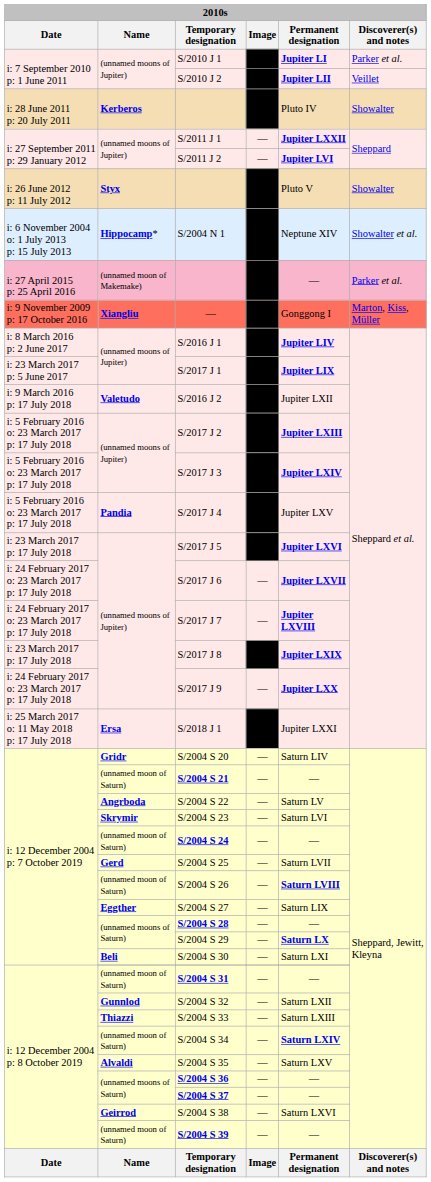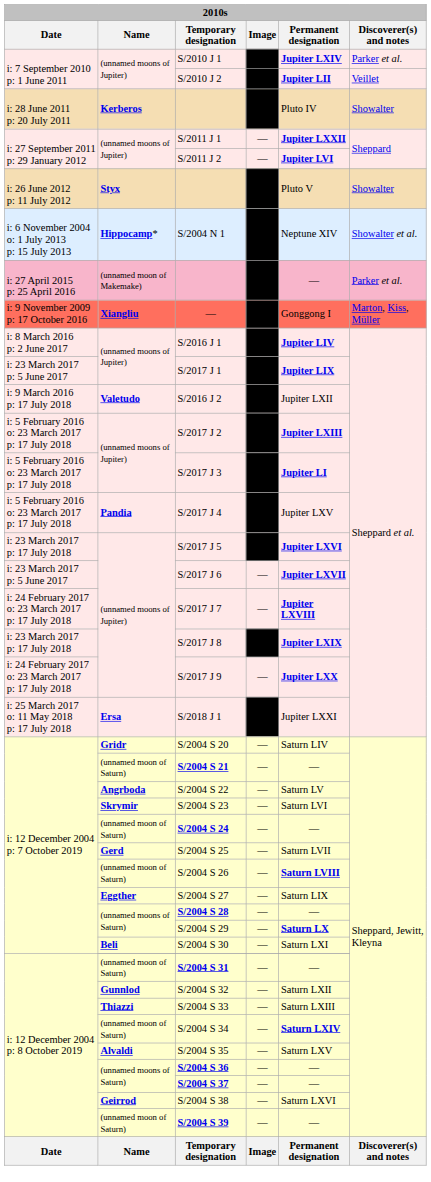 <table class="wikitable" width="650">
 <tr>
 <th colspan="6" style="background-color: Silver; text-align: center;" id="c21st_2010s">2010s</th>
 </tr>
 <tr>
 <th>Date</th>
 <th>Name</th>
 <th>Temporary designation</th>
 <th>Image</th>
 <th>Permanent designation</th>
 <th>Discoverer(s) and notes</th>
 </tr>
 <tr bgcolor="#FFE8E8">
 <td style="white-space: nowrap;" rowspan="2"><br>i: 7 September 2010<br>p: 1 June 2011</td>
 <td rowspan="2"><small>(unnamed moons of Jupiter)</small></td>
 <td>S/2010 J 1</td>
 <td bgcolor="Black"></td>
-<td><strong><a href='#'>Jupiter LI</a></strong></td>
+<td><strong><a href='#'>Jupiter LXIV</a></strong></td>
 <td><a href='#'>Parker</a> <em>et al.</em></td>
 </tr>
 <tr bgcolor="#FFE8E8">
 <td>S/2010 J 2</td>
 <td bgcolor="Black"></td>
 <td><strong><a href='#'>Jupiter LII</a></strong></td>
 <td><a href='#'>Veillet</a></td>
 </tr>
 <tr bgcolor="#F5DEB3">
 <td style="white-space: nowrap;"><br>i: 28 June 2011<br>p: 20 July 2011</td>
 <td><strong><a href='#'>Kerberos</a></strong></td>
 <td></td>
 <td align="center" bgcolor="Black"></td>
 <td align="left">Pluto IV</td>
 <td><a href='#'>Showalter</a></td>
 </tr>
 <tr bgcolor="#FFE8E8">
 <td style="white-space: nowrap;" rowspan="2"><br>i: 27 September 2011<br>p: 29 January 2012</td>
 <td rowspan="2"><small>(unnamed moons of Jupiter)</small></td>
 <td>S/2011 J 1</td>
 <td align="center">—</td>
 <td><strong><a href='#'>Jupiter LXXII</a></strong></td>
 <td rowspan="2"><a href='#'>Sheppard</a></td>
 </tr>
 <tr bgcolor="#FFE8E8">
 <td>S/2011 J 2</td>
 <td align="center">—</td>
 <td><strong><a href='#'>Jupiter LVI</a></strong></td>
 </tr>
 <tr bgcolor="#F5DEB3">
 <td style="white-space: nowrap;"><br>i: 26 June 2012<br>p: 11 July 2012</td>
 <td><strong><a href='#'>Styx</a></strong></td>
 <td></td>
 <td align="center" bgcolor="Black"></td>
 <td align="left">Pluto V</td>
 <td><a href='#'>Showalter</a></td>
 </tr>
 <tr bgcolor="#DDEEFF">
 <td style="white-space: nowrap;"><br>i: 6 November 2004<br>o: 1 July 2013<br>p: 15 July 2013</td>
 <td><strong><a href='#'>Hippocamp</a></strong>*</td>
 <td>S/2004 N 1</td>
 <td align="center" bgcolor="Black"></td>
 <td>Neptune XIV</td>
 <td><a href='#'>Showalter</a> <em>et al.</em></td>
 </tr>
 <tr bgcolor="#F8B5CB">
 <td style="white-space: nowrap;"><br>i: 27 April 2015<br>p: 25 April 2016</td>
 <td><small>(unnamed moon of Makemake)</small></td>
 <td></td>
 <td bgcolor="Black"></td>
 <td align="center">—</td>
 <td><a href='#'>Parker</a> <em>et al.</em></td>
 </tr>
 <tr bgcolor="#FF6F5E">
 <td style="white-space: nowrap:">i: 9 November 2009<br>p: 17 October 2016</td>
 <td><strong><a href='#'>Xiangliu</a></strong></td>
 <td align="center">—</td>
 <td bgcolor="Black"></td>
 <td>Gonggong I</td>
 <td><a href='#'>Marton</a>, <a href='#'>Kiss</a>, <a href='#'>Müller</a></td>
 </tr>
 <tr bgcolor="#FFE8E8">
 <td style="white-space: nowrap">i: 8 March 2016<br>p: 2 June 2017</td>
 <td rowspan="2"><small>(unnamed moons of Jupiter)</small></td>
 <td>S/2016 J 1</td>
 <td bgcolor="Black"></td>
 <td><strong><a href='#'>Jupiter LIV</a></strong></td>
 <td rowspan=12>Sheppard <em>et al.</em></td>
 </tr>
 <tr bgcolor="#FFE8E8">
 <td style="white-space: nowrap">i: 23 March 2017<br>p: 5 June 2017</td>
 <td>S/2017 J 1</td>
 <td bgcolor="Black"></td>
 <td><strong><a href='#'>Jupiter LIX</a></strong></td>
 </tr>
 <tr bgcolor="#FFE8E8">
 <td style="white-space: nowrap">i: 9 March 2016<br>p: 17 July 2018</td>
 <td><strong><a href='#'>Valetudo</a></strong></td>
 <td>S/2016 J 2</td>
 <td bgcolor="Black"></td>
 <td>Jupiter LXII</td>
 </tr>
 <tr bgcolor="#FFE8E8">
 <td style="white-space: nowrap">i: 5 February 2016<br>o: 23 March 2017<br>p: 17 July 2018</td>
 <td rowspan="2"><small>(unnamed moons of Jupiter)</small></td>
 <td>S/2017 J 2</td>
 <td bgcolor="Black"></td>
 <td><strong><a href='#'>Jupiter LXIII</a></strong></td>
 </tr>
 <tr bgcolor="#FFE8E8">
 <td style="white-space: nowrap">i: 5 February 2016<br>o: 23 March 2017<br>p: 17 July 2018</td>
 <td>S/2017 J 3</td>
 <td bgcolor="Black"></td>
-<td><strong><a href='#'>Jupiter LXIV</a></strong></td>
+<td><strong><a href='#'>Jupiter LI</a></strong></td>
 </tr>
 <tr bgcolor="#FFE8E8">
 <td style="white-space: nowrap">i: 5 February 2016<br>o: 23 March 2017<br>p: 17 July 2018</td>
 <td><strong><a href='#'>Pandia</a></strong></td>
 <td>S/2017 J 4</td>
 <td bgcolor="Black"></td>
 <td>Jupiter LXV</td>
 </tr>
 <tr bgcolor="#FFE8E8">
 <td style="white-space: nowrap">i: 23 March 2017<br>p: 17 July 2018</td>
 <td rowspan="5"><small>(unnamed moons of Jupiter)</small></td>
 <td>S/2017 J 5</td>
 <td bgcolor="Black"></td>
 <td><strong><a href='#'>Jupiter LXVI</a></strong></td>
 </tr>
 <tr bgcolor="#FFE8E8">
-<td style="white-space: nowrap">i: 24 February 2017<br>o: 23 March 2017<br>p: 17 July 2018</td>
+<td style="white-space: nowrap">i: 23 March 2017<br>p: 5 June 2017</td>
 <td>S/2017 J 6</td>
 <td align="center">—</td>
 <td><strong><a href='#'>Jupiter LXVII</a></strong></td>
 </tr>
 <tr bgcolor="#FFE8E8">
 <td style="white-space: nowrap">i: 24 February 2017<br>o: 23 March 2017<br>p: 17 July 2018</td>
 <td>S/2017 J 7</td>
 <td align="center">—</td>
 <td><strong><a href='#'>Jupiter LXVIII</a></strong></td>
 </tr>
 <tr bgcolor="#FFE8E8">
 <td style="white-space: nowrap">i: 23 March 2017<br>p: 17 July 2018</td>
 <td>S/2017 J 8</td>
 <td bgcolor="Black"></td>
 <td><strong><a href='#'>Jupiter LXIX</a></strong></td>
 </tr>
 <tr bgcolor="#FFE8E8">
 <td style="white-space: nowrap">i: 24 February 2017<br>o: 23 March 2017<br>p: 17 July 2018</td>
 <td>S/2017 J 9</td>
 <td align="center">—</td>
 <td><strong><a href='#'>Jupiter LXX</a></strong></td>
 </tr>
 <tr bgcolor="#FFE8E8">
 <td style="white-space: nowrap">i: 25 March 2017<br>o: 11 May 2018<br>p: 17 July 2018</td>
 <td><strong><a href='#'>Ersa</a></strong></td>
 <td>S/2018 J 1</td>
 <td bgcolor="Black"></td>
 <td>Jupiter LXXI</td>
 </tr>
 <tr bgcolor="#FFFFCC">
 <td style="white-space: nowrap;" rowspan="11">i: 12 December 2004<br>p: 7 October 2019</td>
 <td><strong><a href='#'>Gridr</a></strong></td>
 <td>S/2004 S 20</td>
 <td align="center">—</td>
 <td>Saturn LIV</td>
 <td rowspan="21">Sheppard, Jewitt, Kleyna</td>
 </tr>
 <tr bgcolor="#FFFFCC">
 <td><small>(unnamed moon of Saturn)</small></td>
 <td><strong><a href='#'>S/2004 S 21</a></strong></td>
 <td align="center">—</td>
 <td align="center">—</td>
 </tr>
 <tr bgcolor="#FFFFCC">
 <td><strong><a href='#'>Angrboda</a></strong></td>
 <td>S/2004 S 22</td>
 <td align="center">—</td>
 <td>Saturn LV</td>
 </tr>
 <tr bgcolor="#FFFFCC">
 <td><strong><a href='#'>Skrymir</a></strong></td>
 <td>S/2004 S 23</td>
 <td align="center">—</td>
 <td>Saturn LVI</td>
 </tr>
 <tr bgcolor="#FFFFCC">
 <td><small>(unnamed moon of Saturn)</small></td>
 <td><strong><a href='#'>S/2004 S 24</a></strong></td>
 <td align="center">—</td>
 <td align="center">—</td>
 </tr>
 <tr bgcolor="#FFFFCC">
 <td><strong><a href='#'>Gerd</a></strong></td>
 <td>S/2004 S 25</td>
 <td align="center">—</td>
 <td>Saturn LVII</td>
 </tr>
 <tr bgcolor="#FFFFCC">
 <td><small>(unnamed moon of Saturn)</small></td>
 <td>S/2004 S 26</td>
 <td align="center">—</td>
 <td><strong><a href='#'>Saturn LVIII</a></strong></td>
 </tr>
 <tr bgcolor="#FFFFCC">
 <td><strong><a href='#'>Eggther</a></strong></td>
 <td>S/2004 S 27</td>
 <td align="center">—</td>
 <td>Saturn LIX</td>
 </tr>
 <tr bgcolor="#FFFFCC">
 <td rowspan=2><small>(unnamed moons of Saturn)</small></td>
 <td><strong><a href='#'>S/2004 S 28</a></strong></td>
 <td align="center">—</td>
 <td align="center">—</td>
 </tr>
 <tr bgcolor="#FFFFCC">
 <td>S/2004 S 29</td>
 <td align="center">—</td>
 <td><strong><a href='#'>Saturn LX</a></strong></td>
 </tr>
 <tr bgcolor="#FFFFCC">
 <td><strong><a href='#'>Beli</a></strong></td>
 <td>S/2004 S 30</td>
 <td align="center">—</td>
 <td>Saturn LXI</td>
 </tr>
 <tr bgcolor="#FFFFCC">
 <td style="white-space: nowrap;" rowspan="10">i: 12 December 2004<br>p: 8 October 2019</td>
 </tr>
 <tr bgcolor="#FFFFCC">
 <td><small>(unnamed moon of Saturn)</small></td>
 <td><strong><a href='#'>S/2004 S 31</a></strong></td>
 <td align="center">—</td>
 <td align="center">—</td>
 </tr>
 <tr bgcolor="#FFFFCC">
 <td><strong><a href='#'>Gunnlod</a></strong></td>
 <td>S/2004 S 32</td>
 <td align="center">—</td>
 <td>Saturn LXII</td>
 </tr>
 <tr bgcolor="#FFFFCC">
 <td><strong><a href='#'>Thiazzi</a></strong></td>
 <td>S/2004 S 33</td>
 <td align="center">—</td>
 <td>Saturn LXIII</td>
 </tr>
 <tr bgcolor="#FFFFCC">
 <td><small>(unnamed moon of Saturn)</small></td>
 <td>S/2004 S 34</td>
 <td align="center">—</td>
 <td><strong><a href='#'>Saturn LXIV</a></strong></td>
 </tr>
 <tr bgcolor="#FFFFCC">
 <td><strong><a href='#'>Alvaldi</a></strong></td>
 <td>S/2004 S 35</td>
 <td align="center">—</td>
 <td>Saturn LXV</td>
 </tr>
 <tr bgcolor="#FFFFCC">
 <td rowspan=2><small>(unnamed moons of Saturn)</small></td>
 <td><strong><a href='#'>S/2004 S 36</a></strong></td>
 <td align="center">—</td>
 <td align="center">—</td>
 </tr>
 <tr bgcolor="#FFFFCC">
 <td><strong><a href='#'>S/2004 S 37</a></strong></td>
 <td align="center">—</td>
 <td align="center">—</td>
 </tr>
 <tr bgcolor="#FFFFCC">
 <td><strong><a href='#'>Geirrod</a></strong></td>
 <td>S/2004 S 38</td>
 <td align="center">—</td>
 <td>Saturn LXVI</td>
 </tr>
 <tr bgcolor="#FFFFCC">
 <td><small>(unnamed moon of Saturn)</small></td>
 <td><strong><a href='#'>S/2004 S 39</a></strong></td>
 <td align="center">—</td>
 <td align="center">—</td>
 </tr>
 <tr>
 <th>Date</th>
 <th>Name</th>
 <th>Temporary designation</th>
 <th>Image</th>
 <th>Permanent designation</th>
 <th>Discoverer(s) and notes</th>
 </tr>
 </table>
